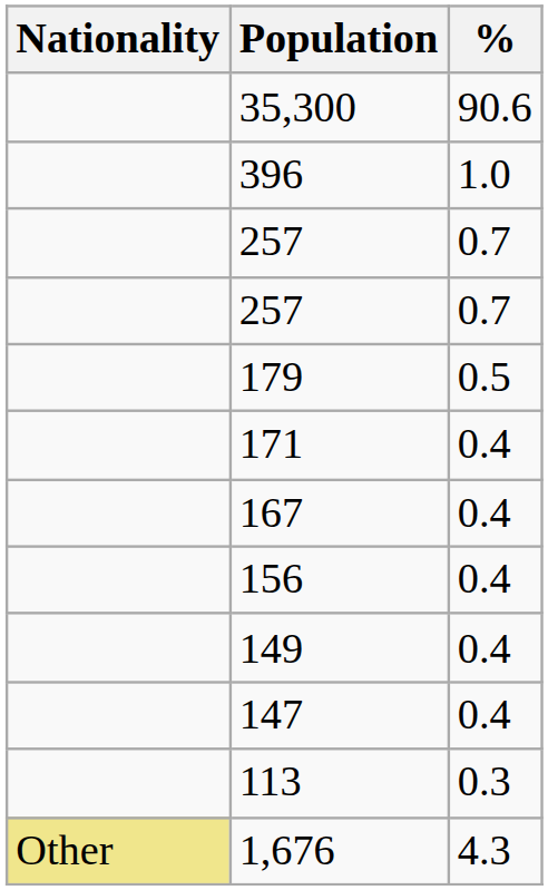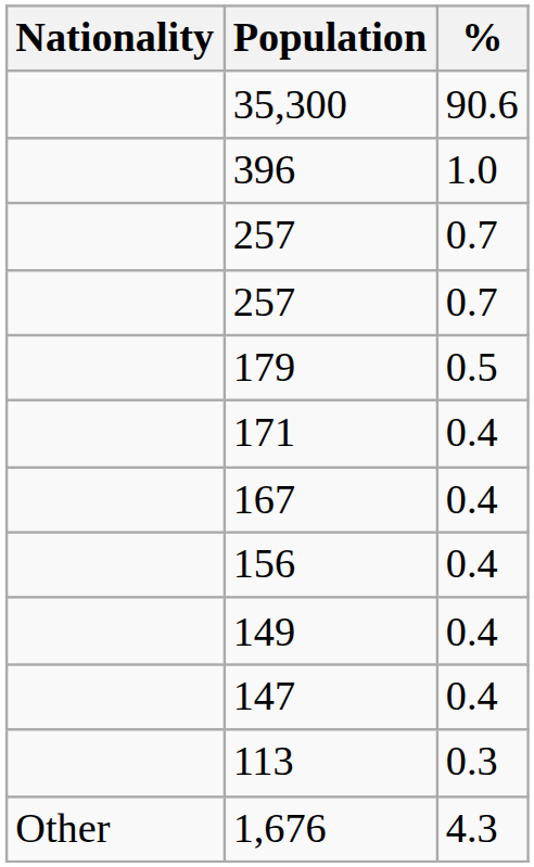 <table class="wikitable" style="float:right;">
 <tr>
 <th>Nationality</th>
 <th>Population</th>
 <th>%</th>
 </tr>
 <tr>
 <td></td>
 <td>35,300</td>
 <td>90.6</td>
 </tr>
 <tr>
 <td></td>
 <td>396</td>
 <td>1.0</td>
 </tr>
 <tr>
 <td></td>
 <td>257</td>
 <td>0.7</td>
 </tr>
 <tr>
 <td></td>
 <td>257</td>
 <td>0.7</td>
 </tr>
 <tr>
 <td></td>
 <td>179</td>
 <td>0.5</td>
 </tr>
 <tr>
 <td></td>
 <td>171</td>
 <td>0.4</td>
 </tr>
 <tr>
 <td></td>
 <td>167</td>
 <td>0.4</td>
 </tr>
 <tr>
 <td></td>
 <td>156</td>
 <td>0.4</td>
 </tr>
 <tr>
 <td></td>
 <td>149</td>
 <td>0.4</td>
 </tr>
 <tr>
 <td></td>
 <td>147</td>
 <td>0.4</td>
 </tr>
 <tr>
 <td></td>
 <td>113</td>
 <td>0.3</td>
 </tr>
 <tr>
-<td style="background: khaki;">Other</td>
+<td>Other</td>
 <td>1,676</td>
 <td>4.3</td>
 </tr>
 <tr>
 </tr>
 </table>
